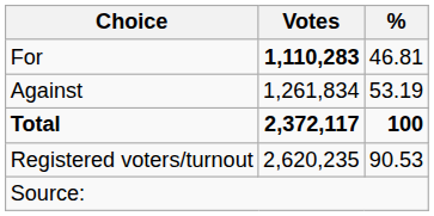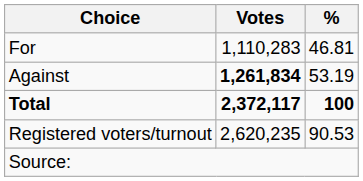 <table class=wikitable style=text-align:right>
 <tr>
 <th>Choice</th>
 <th>Votes</th>
 <th>%</th>
 </tr>
 <tr>
 <td align=left>For</td>
-<td><strong>1,110,283</strong></td>
+<td>1,110,283</td>
 <td>46.81</td>
 </tr>
 <tr>
 <td align=left>Against</td>
-<td>1,261,834</td>
+<td><strong>1,261,834</strong></td>
 <td>53.19</td>
 </tr>
 <tr>
 <td align=left><strong>Total</strong></td>
 <td><strong>2,372,117</strong></td>
 <td><strong>100</strong></td>
 </tr>
 <tr>
 <td align=left>Registered voters/turnout</td>
 <td>2,620,235</td>
 <td>90.53</td>
 </tr>
 <tr>
 <td align=left colspan=3>Source: </td>
 </tr>
 </table>
